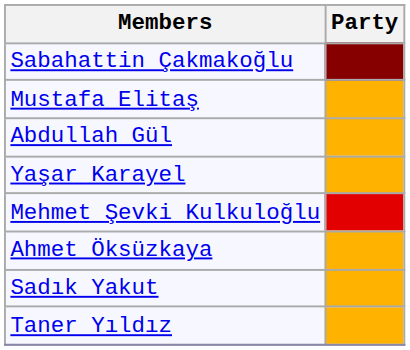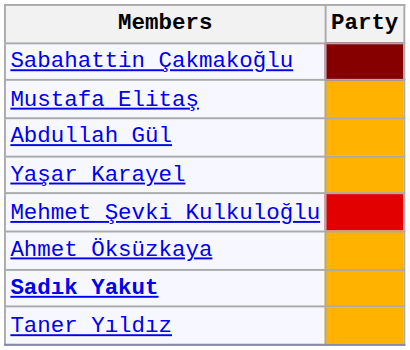 <table class=wikitable style="border:1px solid #8888aa; background-color:#f7f8ff; padding:0px; font-size:90%;">
 <tr>
 <th>Members</th>
 <th colspan="2">Party</th>
 </tr>
 <tr>
 <td><a href='#'>Sabahattin Çakmakoğlu</a></td>
 <td style="background: #870000"></td>
 </tr>
 <tr>
 <td><a href='#'>Mustafa Elitaş</a></td>
 <td style="background: #ffb300"></td>
 </tr>
 <tr>
 <td><a href='#'>Abdullah Gül</a></td>
 <td style="background: #ffb300"></td>
 </tr>
 <tr>
 <td><a href='#'>Yaşar Karayel</a></td>
 <td style="background: #ffb300"></td>
 </tr>
 <tr>
 <td><a href='#'>Mehmet Şevki Kulkuloğlu</a></td>
 <td style="background: #e30000"></td>
 </tr>
 <tr>
 <td><a href='#'>Ahmet Öksüzkaya</a></td>
 <td style="background: #ffb300"></td>
 </tr>
 <tr>
-<td><a href='#'>Sadık Yakut</a></td>
+<td><strong><a href='#'>Sadık Yakut</a></strong></td>
 <td style="background: #ffb300"></td>
 </tr>
 <tr>
 <td><a href='#'>Taner Yıldız</a></td>
 <td style="background: #ffb300"></td>
 </tr>
 <tr>
 </tr>
 </table>
